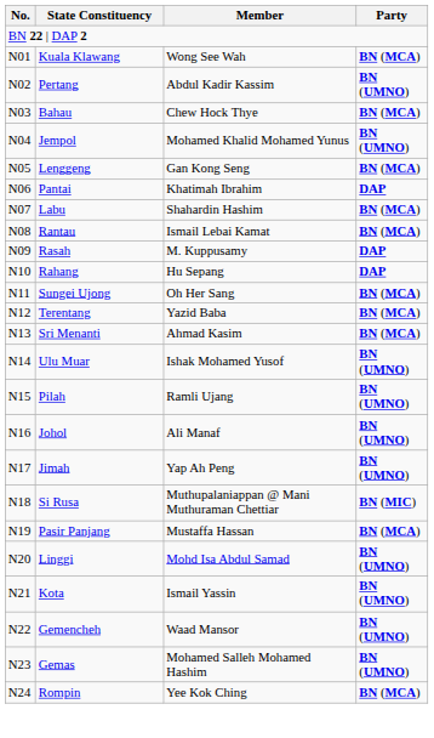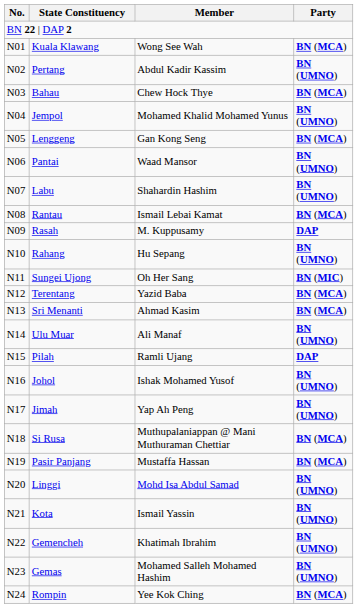 <table class="wikitable sortable">
 <tr>
 <th style="width:30px;">No.</th>
 <th style="width:150px;">State Constituency</th>
 <th style="width:230px;">Member</th>
 <th style="width:80px;">Party</th>
 </tr>
 <tr>
 <td colspan="4"><a href='#'>BN</a> <strong>22</strong> | <a href='#'>DAP</a> <strong>2</strong></td>
 </tr>
 <tr>
 <td>N01</td>
 <td><a href='#'>Kuala Klawang</a></td>
 <td>Wong See Wah</td>
 <td><strong><a href='#'>BN</a></strong> (<strong><a href='#'>MCA</a></strong>)</td>
 </tr>
 <tr>
 <td>N02</td>
 <td><a href='#'>Pertang</a></td>
 <td>Abdul Kadir Kassim</td>
 <td><strong><a href='#'>BN</a></strong> (<strong><a href='#'>UMNO</a></strong>)</td>
 </tr>
 <tr>
 <td>N03</td>
 <td><a href='#'>Bahau</a></td>
 <td>Chew Hock Thye</td>
 <td><strong><a href='#'>BN</a></strong> (<strong><a href='#'>MCA</a></strong>)</td>
 </tr>
 <tr>
 <td>N04</td>
 <td><a href='#'>Jempol</a></td>
 <td>Mohamed Khalid Mohamed Yunus</td>
 <td><strong><a href='#'>BN</a></strong> (<strong><a href='#'>UMNO</a></strong>)</td>
 </tr>
 <tr>
 <td>N05</td>
 <td><a href='#'>Lenggeng</a></td>
 <td>Gan Kong Seng</td>
 <td><strong><a href='#'>BN</a></strong> (<strong><a href='#'>MCA</a></strong>)</td>
 </tr>
 <tr>
 <td>N06</td>
 <td><a href='#'>Pantai</a></td>
-<td>Khatimah Ibrahim</td>
-<td><strong><a href='#'>DAP</a></strong></td>
+<td>Waad Mansor </td>
+<td><strong><a href='#'>BN</a></strong> (<strong><a href='#'>UMNO</a></strong>)</td>
 </tr>
 <tr>
 <td>N07</td>
 <td><a href='#'>Labu</a></td>
 <td>Shahardin Hashim</td>
-<td><strong><a href='#'>BN</a></strong> (<strong><a href='#'>MCA</a></strong>)</td>
+<td><strong><a href='#'>BN</a></strong> (<strong><a href='#'>UMNO</a></strong>)</td>
 </tr>
 <tr>
 <td>N08</td>
 <td><a href='#'>Rantau</a></td>
 <td>Ismail Lebai Kamat</td>
 <td><strong><a href='#'>BN</a></strong> (<strong><a href='#'>MCA</a></strong>)</td>
 </tr>
 <tr>
 <td>N09</td>
 <td><a href='#'>Rasah</a></td>
 <td>M. Kuppusamy</td>
 <td><strong><a href='#'>DAP</a></strong></td>
 </tr>
 <tr>
 <td>N10</td>
 <td><a href='#'>Rahang</a></td>
 <td>Hu Sepang</td>
-<td><strong><a href='#'>DAP</a></strong></td>
+<td><strong><a href='#'>BN</a></strong> (<strong><a href='#'>UMNO</a></strong>)</td>
 </tr>
 <tr>
 <td>N11</td>
 <td><a href='#'>Sungei Ujong</a></td>
 <td>Oh Her Sang</td>
-<td><strong><a href='#'>BN</a></strong> (<strong><a href='#'>MCA</a></strong>)</td>
+<td><strong><a href='#'>BN</a></strong> (<strong><a href='#'>MIC</a></strong>)</td>
 </tr>
 <tr>
 <td>N12</td>
 <td><a href='#'>Terentang</a></td>
 <td>Yazid Baba</td>
 <td><strong><a href='#'>BN</a></strong> (<strong><a href='#'>MCA</a></strong>)</td>
 </tr>
 <tr>
 <td>N13</td>
 <td><a href='#'>Sri Menanti</a></td>
 <td>Ahmad Kasim</td>
 <td><strong><a href='#'>BN</a></strong> (<strong><a href='#'>MCA</a></strong>)</td>
 </tr>
 <tr>
 <td>N14</td>
 <td><a href='#'>Ulu Muar</a></td>
-<td>Ishak Mohamed Yusof</td>
+<td>Ali Manaf</td>
 <td><strong><a href='#'>BN</a></strong> (<strong><a href='#'>UMNO</a></strong>)</td>
 </tr>
 <tr>
 <td>N15</td>
 <td><a href='#'>Pilah</a></td>
 <td>Ramli Ujang</td>
-<td><strong><a href='#'>BN</a></strong> (<strong><a href='#'>UMNO</a></strong>)</td>
+<td><strong><a href='#'>DAP</a></strong></td>
 </tr>
 <tr>
 <td>N16</td>
 <td><a href='#'>Johol</a></td>
-<td>Ali Manaf</td>
+<td>Ishak Mohamed Yusof</td>
 <td><strong><a href='#'>BN</a></strong> (<strong><a href='#'>UMNO</a></strong>)</td>
 </tr>
 <tr>
 <td>N17</td>
 <td><a href='#'>Jimah</a></td>
 <td>Yap Ah Peng</td>
 <td><strong><a href='#'>BN</a></strong> (<strong><a href='#'>UMNO</a></strong>)</td>
 </tr>
 <tr>
 <td>N18</td>
 <td><a href='#'>Si Rusa</a></td>
 <td>Muthupalaniappan @ Mani Muthuraman Chettiar</td>
-<td><strong><a href='#'>BN</a></strong> (<strong><a href='#'>MIC</a></strong>)</td>
+<td><strong><a href='#'>BN</a></strong> (<strong><a href='#'>MCA</a></strong>)</td>
 </tr>
 <tr>
 <td>N19</td>
 <td><a href='#'>Pasir Panjang</a></td>
 <td>Mustaffa Hassan</td>
 <td><strong><a href='#'>BN</a></strong> (<strong><a href='#'>MCA</a></strong>)</td>
 </tr>
 <tr>
 <td>N20</td>
 <td><a href='#'>Linggi</a></td>
 <td><a href='#'>Mohd Isa Abdul Samad</a></td>
 <td><strong><a href='#'>BN</a></strong> (<strong><a href='#'>UMNO</a></strong>)</td>
 </tr>
 <tr>
 <td>N21</td>
 <td><a href='#'>Kota</a></td>
 <td>Ismail Yassin</td>
 <td><strong><a href='#'>BN</a></strong> (<strong><a href='#'>UMNO</a></strong>)</td>
 </tr>
 <tr>
 <td>N22</td>
 <td><a href='#'>Gemencheh</a></td>
-<td>Waad Mansor </td>
+<td>Khatimah Ibrahim</td>
 <td><strong><a href='#'>BN</a></strong> (<strong><a href='#'>UMNO</a></strong>)</td>
 </tr>
 <tr>
 <td>N23</td>
 <td><a href='#'>Gemas</a></td>
 <td>Mohamed Salleh Mohamed Hashim</td>
 <td><strong><a href='#'>BN</a></strong> (<strong><a href='#'>UMNO</a></strong>)</td>
 </tr>
 <tr>
 <td>N24</td>
 <td><a href='#'>Rompin</a></td>
 <td>Yee Kok Ching</td>
 <td><strong><a href='#'>BN</a></strong> (<strong><a href='#'>MCA</a></strong>)</td>
 </tr>
 </table>
